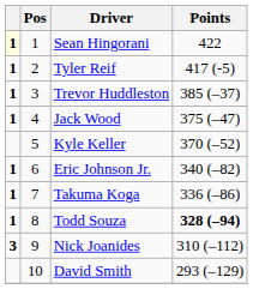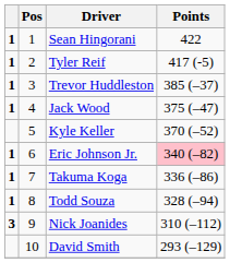 <table class="wikitable" style="font-size: 95%;">
 <tr>
 <th></th>
 <th>Pos</th>
 <th>Driver</th>
 <th>Points</th>
 </tr>
 <tr>
-<td align="left" style="background: lightyellow;"> <strong>1</strong></td>
+<td align="left"> <strong>1</strong></td>
 <td style="text-align:center;">1</td>
 <td><a href='#'>Sean Hingorani</a></td>
 <td style="text-align:center;">422</td>
 </tr>
 <tr>
 <td align="left"> <strong>1</strong></td>
 <td style="text-align:center;">2</td>
 <td><a href='#'>Tyler Reif</a></td>
 <td style="text-align:center;">417 (-5)</td>
 </tr>
 <tr>
 <td align="left"> <strong>1</strong></td>
 <td style="text-align:center;">3</td>
 <td><a href='#'>Trevor Huddleston</a></td>
 <td style="text-align:center;">385 (–37)</td>
 </tr>
 <tr>
 <td align="left"> <strong>1</strong></td>
 <td style="text-align:center;">4</td>
 <td><a href='#'>Jack Wood</a></td>
 <td style="text-align:center;">375 (–47)</td>
 </tr>
 <tr>
 <td align="left"></td>
 <td style="text-align:center;">5</td>
 <td><a href='#'>Kyle Keller</a></td>
 <td style="text-align:center;">370 (–52)</td>
 </tr>
 <tr>
 <td align="left"> <strong>1</strong></td>
 <td style="text-align:center;">6</td>
 <td><a href='#'>Eric Johnson Jr.</a></td>
-<td style="text-align:center;">340 (–82)</td>
+<td style="background: pink; text-align:center;">340 (–82)</td>
 </tr>
 <tr>
 <td align="left"> <strong>1</strong></td>
 <td style="text-align:center;">7</td>
 <td><a href='#'>Takuma Koga</a></td>
 <td style="text-align:center;">336 (–86)</td>
 </tr>
 <tr>
 <td align="left"> <strong>1</strong></td>
 <td style="text-align:center;">8</td>
 <td><a href='#'>Todd Souza</a></td>
-<td style="text-align:center;"><strong>328 (–94)</strong></td>
+<td style="text-align:center;">328 (–94)</td>
 </tr>
 <tr>
 <td align="left"> <strong>3</strong></td>
 <td style="text-align:center;">9</td>
 <td><a href='#'>Nick Joanides</a></td>
 <td style="text-align:center;">310 (–112)</td>
 </tr>
 <tr>
 <td align="left"></td>
 <td style="text-align:center;">10</td>
 <td><a href='#'>David Smith</a></td>
 <td style="text-align:center;">293 (–129)</td>
 </tr>
 <tr class="sortbottom">
 </tr>
 </table>
